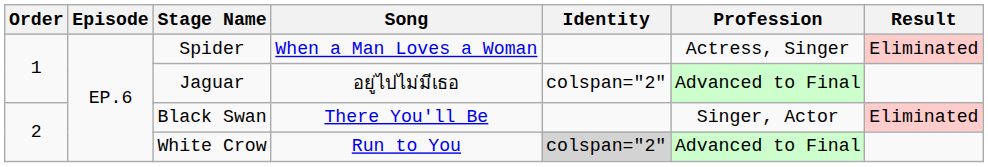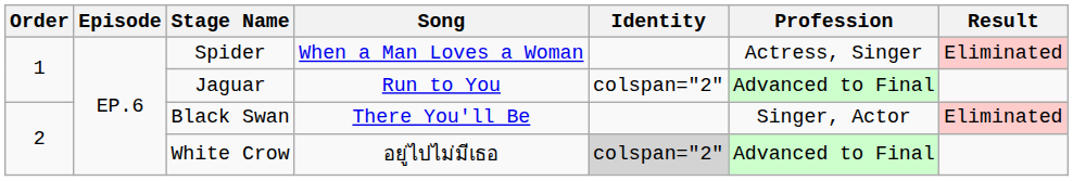 <table class="wikitable">
 <tr>
 <th>Order</th>
 <th>Episode</th>
 <th>Stage Name</th>
 <th>Song</th>
 <th>Identity</th>
 <th>Profession</th>
 <th>Result</th>
 </tr>
 <tr>
 <td rowspan="2" align="center">1</td>
 <td rowspan="4" align="center">EP.6</td>
 <td align="center">Spider</td>
 <td align="center"><a href='#'>When a Man Loves a Woman</a></td>
 <td align="center"></td>
 <td align="center">Actress, Singer</td>
 <td style="text-align:center; background:#ffcccc;">Eliminated</td>
 </tr>
 <tr>
 <td align="center">Jaguar</td>
-<td align="center">อยู่ไปไม่มีเธอ</td>
+<td align="center"><a href='#'>Run to You</a></td>
 <td>colspan="2"  </td>
 <td style="text-align:center; background:#ccffcc;">Advanced to Final</td>
 </tr>
 <tr>
 <td rowspan="2" align="center">2</td>
 <td align="center">Black Swan</td>
 <td align="center"><a href='#'>There You'll Be</a></td>
 <td align="center"></td>
 <td align="center">Singer, Actor</td>
 <td style="text-align:center; background:#ffcccc;">Eliminated</td>
 </tr>
 <tr>
 <td align="center">White Crow</td>
-<td align="center"><a href='#'>Run to You</a></td>
+<td align="center">อยู่ไปไม่มีเธอ</td>
 <td style="background: lightgrey;">colspan="2"  </td>
 <td style="text-align:center; background:#ccffcc;">Advanced to Final</td>
 </tr>
 </table>
